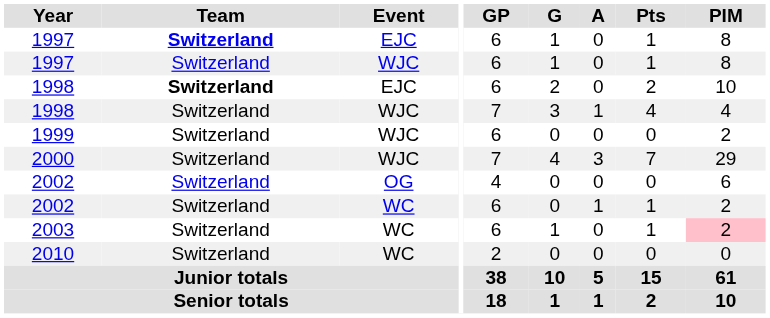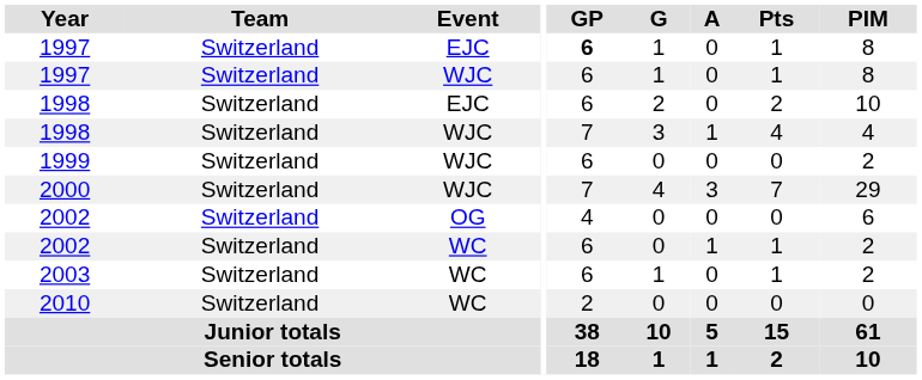 <table border="0" cellpadding="1" cellspacing="0" ID="Table3" style="text-align:center; width:40em">
 <tr ALIGN="center" bgcolor="#e0e0e0">
 <th>Year</th>
 <th>Team</th>
 <th>Event</th>
 <th rowspan="99" bgcolor="#ffffff"></th>
 <th>GP</th>
 <th>G</th>
 <th>A</th>
 <th>Pts</th>
 <th>PIM</th>
 </tr>
 <tr>
 <td><a href='#'>1997</a></td>
-<td><strong><a href='#'>Switzerland</a></strong></td>
+<td><a href='#'>Switzerland</a></td>
 <td><a href='#'>EJC</a></td>
-<td>6</td>
+<td><strong>6</strong></td>
 <td>1</td>
 <td>0</td>
 <td>1</td>
 <td>8</td>
 </tr>
 <tr bgcolor="#f0f0f0">
 <td><a href='#'>1997</a></td>
 <td><a href='#'>Switzerland</a></td>
 <td><a href='#'>WJC</a></td>
 <td>6</td>
 <td>1</td>
 <td>0</td>
 <td>1</td>
 <td>8</td>
 </tr>
 <tr>
 <td><a href='#'>1998</a></td>
-<td><strong>Switzerland</strong></td>
+<td>Switzerland</td>
 <td>EJC</td>
 <td>6</td>
 <td>2</td>
 <td>0</td>
 <td>2</td>
 <td>10</td>
 </tr>
 <tr bgcolor="#f0f0f0">
 <td><a href='#'>1998</a></td>
 <td>Switzerland</td>
 <td>WJC</td>
 <td>7</td>
 <td>3</td>
 <td>1</td>
 <td>4</td>
 <td>4</td>
 </tr>
 <tr>
 <td><a href='#'>1999</a></td>
 <td>Switzerland</td>
 <td>WJC</td>
 <td>6</td>
 <td>0</td>
 <td>0</td>
 <td>0</td>
 <td>2</td>
 </tr>
 <tr bgcolor="#f0f0f0">
 <td><a href='#'>2000</a></td>
 <td>Switzerland</td>
 <td>WJC</td>
 <td>7</td>
 <td>4</td>
 <td>3</td>
 <td>7</td>
 <td>29</td>
 </tr>
 <tr>
 <td><a href='#'>2002</a></td>
 <td><a href='#'>Switzerland</a></td>
 <td><a href='#'>OG</a></td>
 <td>4</td>
 <td>0</td>
 <td>0</td>
 <td>0</td>
 <td>6</td>
 </tr>
 <tr bgcolor="#f0f0f0">
 <td><a href='#'>2002</a></td>
 <td>Switzerland</td>
 <td><a href='#'>WC</a></td>
 <td>6</td>
 <td>0</td>
 <td>1</td>
 <td>1</td>
 <td>2</td>
 </tr>
 <tr>
 <td><a href='#'>2003</a></td>
 <td>Switzerland</td>
 <td>WC</td>
 <td>6</td>
 <td>1</td>
 <td>0</td>
 <td>1</td>
-<td style="background: pink;">2</td>
+<td>2</td>
 </tr>
 <tr bgcolor="#f0f0f0">
 <td><a href='#'>2010</a></td>
 <td>Switzerland</td>
 <td>WC</td>
 <td>2</td>
 <td>0</td>
 <td>0</td>
 <td>0</td>
 <td>0</td>
 </tr>
 <tr bgcolor="#e0e0e0">
 <th colspan="3">Junior totals</th>
 <th>38</th>
 <th>10</th>
 <th>5</th>
 <th>15</th>
 <th>61</th>
 </tr>
 <tr bgcolor="#e0e0e0">
 <th colspan="3">Senior totals</th>
 <th>18</th>
 <th>1</th>
 <th>1</th>
 <th>2</th>
 <th>10</th>
 </tr>
 </table>
